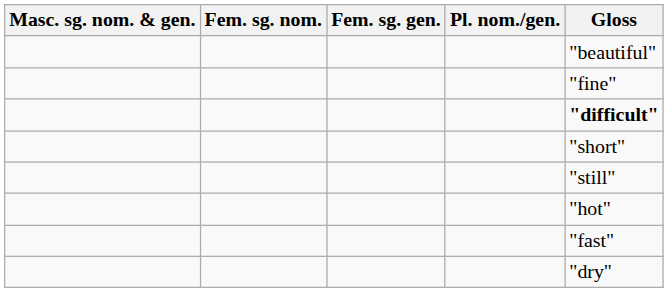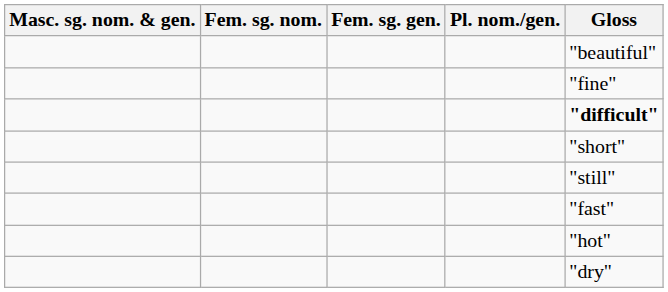 <table class="wikitable">
 <tr>
 <th>Masc. sg. nom. & gen.</th>
 <th>Fem. sg. nom.</th>
 <th>Fem. sg. gen.</th>
 <th>Pl. nom./gen.</th>
 <th>Gloss</th>
 </tr>
 <tr>
 <td></td>
 <td></td>
 <td></td>
 <td></td>
 <td>"beautiful"</td>
 </tr>
 <tr>
 <td></td>
 <td></td>
 <td></td>
 <td></td>
 <td>"fine"</td>
 </tr>
 <tr>
 <td></td>
 <td></td>
 <td></td>
 <td></td>
 <td><strong>"difficult"</strong></td>
 </tr>
 <tr>
 <td></td>
 <td></td>
 <td></td>
 <td></td>
 <td>"short"</td>
 </tr>
 <tr>
 <td></td>
 <td></td>
 <td></td>
 <td></td>
 <td>"still"</td>
 </tr>
 <tr>
 <td></td>
 <td></td>
 <td></td>
 <td></td>
-<td>"hot"</td>
+<td>"fast"</td>
 </tr>
 <tr>
 <td></td>
 <td></td>
 <td></td>
 <td></td>
-<td>"fast"</td>
+<td>"hot"</td>
 </tr>
 <tr>
 <td></td>
 <td></td>
 <td></td>
 <td></td>
 <td>"dry"</td>
 </tr>
 </table>
